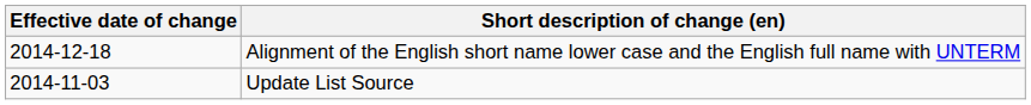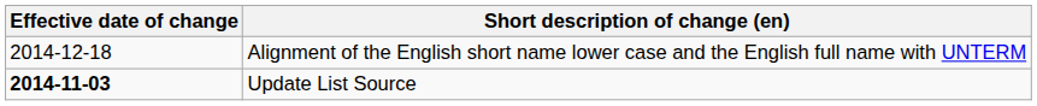 <table class="wikitable">
 <tr>
 <th>Effective date of change</th>
 <th>Short description of change (en)</th>
 </tr>
 <tr>
 <td>2014-12-18</td>
 <td>Alignment of the English short name lower case and the English full name with <a href='#'>UNTERM</a></td>
 </tr>
 <tr>
-<td>2014-11-03</td>
+<td><strong>2014-11-03</strong></td>
 <td>Update List Source</td>
 </tr>
 </table>
